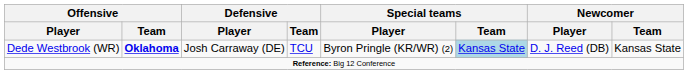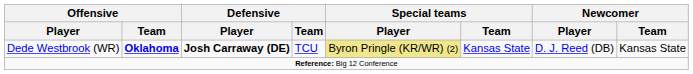 <table class="wikitable">
 <tr>
 <th colspan="2">Offensive</th>
 <th colspan="2">Defensive</th>
 <th colspan="2">Special teams</th>
 <th colspan="2">Newcomer</th>
 </tr>
 <tr>
 <th>Player</th>
 <th>Team</th>
 <th>Player</th>
 <th>Team</th>
 <th>Player</th>
 <th>Team</th>
 <th>Player</th>
 <th>Team</th>
 </tr>
 <tr>
 <td><a href='#'>Dede Westbrook</a> (WR)</td>
 <td><strong><a href='#'>Oklahoma</a></strong></td>
-<td>Josh Carraway (DE)</td>
+<td><strong>Josh Carraway (DE)</strong></td>
 <td><a href='#'>TCU</a></td>
-<td>Byron Pringle (KR/WR) <small>(2)</small></td>
-<td style="background: lightblue;"><a href='#'>Kansas State</a></td>
+<td style="background: khaki;">Byron Pringle (KR/WR) <small>(2)</small></td>
+<td><a href='#'>Kansas State</a></td>
 <td><a href='#'>D. J. Reed</a> (DB)</td>
 <td>Kansas State</td>
 </tr>
 <tr>
 <td colspan="12"  style="font-size:8pt; text-align:center;"><strong>Reference:</strong> Big 12 Conference</td>
 </tr>
 </table>
